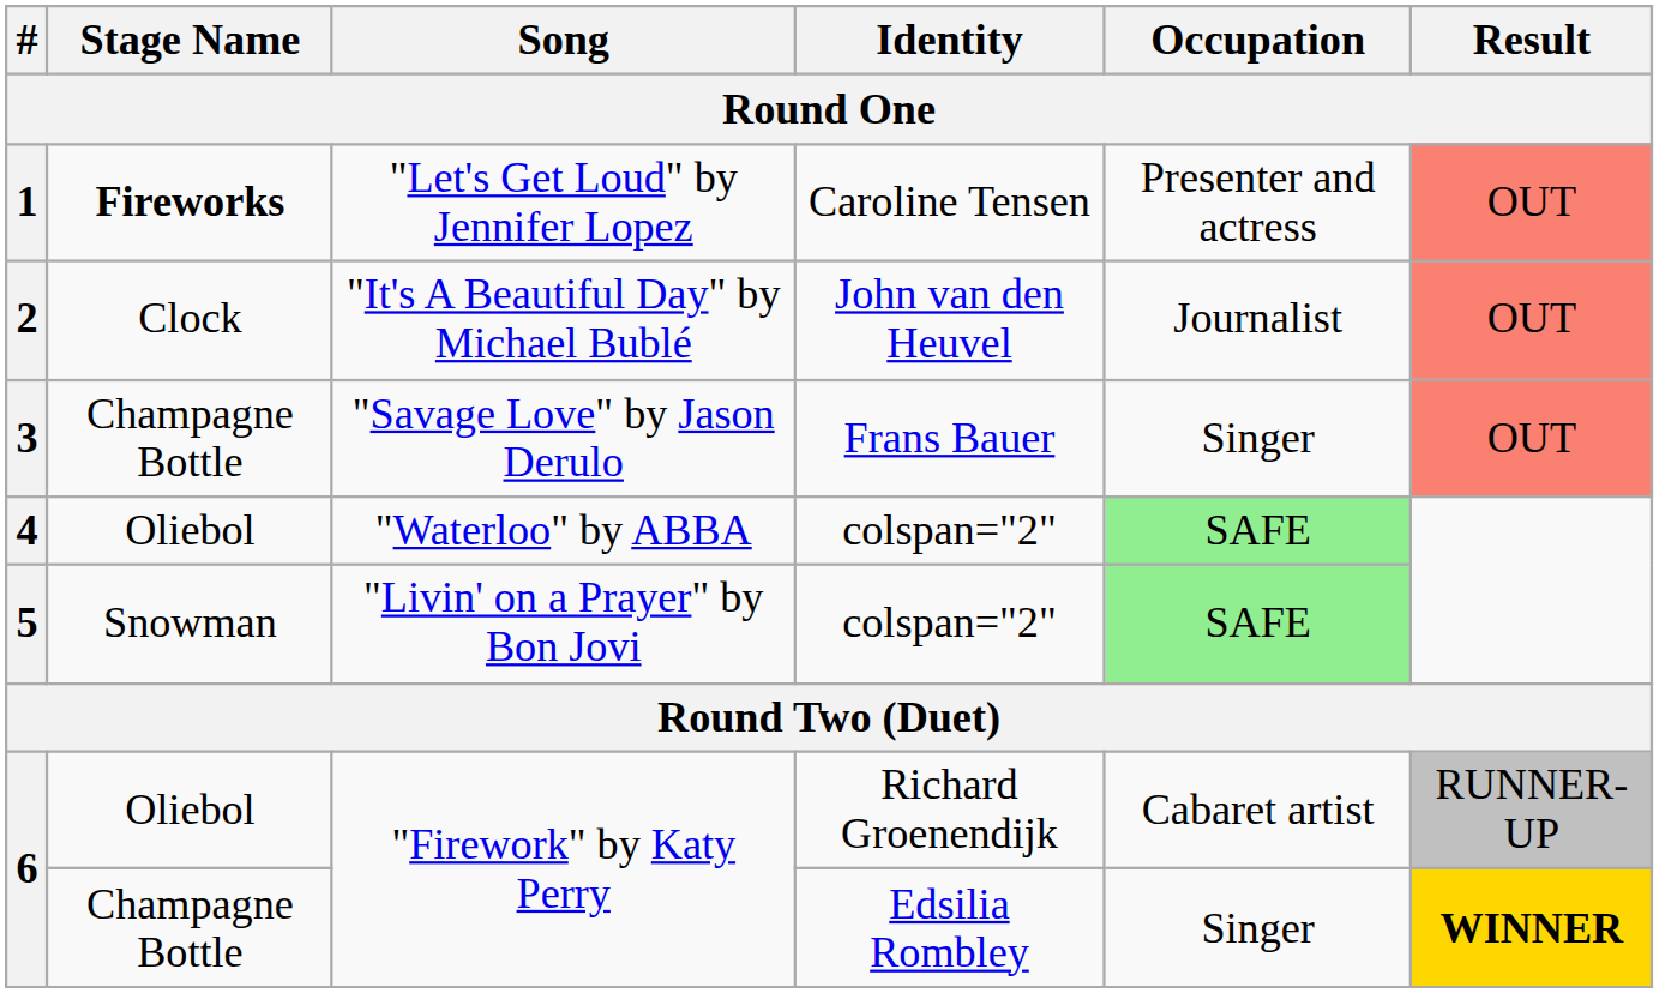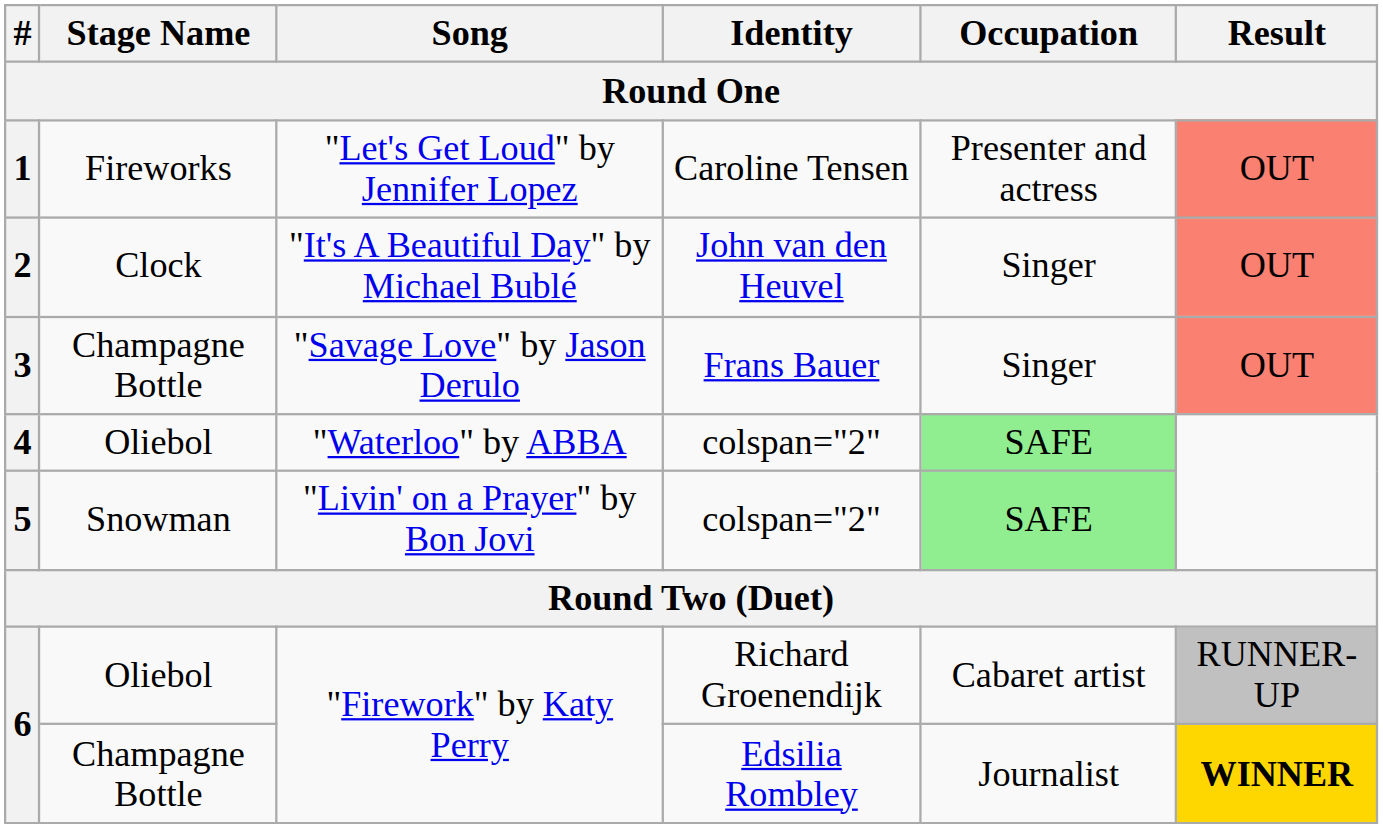 <table class="wikitable plainrowheaders" style="text-align: center;">
 <tr>
 <th><strong>#</strong></th>
 <th><strong>Stage Name</strong></th>
 <th><strong>Song</strong></th>
 <th>Identity</th>
 <th><strong>Occupation</strong></th>
 <th>Result</th>
 </tr>
 <tr>
 <th colspan="6">Round One</th>
 </tr>
 <tr>
 <th>1</th>
-<td><strong>Fireworks</strong></td>
+<td>Fireworks</td>
 <td>"<a href='#'>Let's Get Loud</a>" by <a href='#'>Jennifer Lopez</a></td>
 <td>Caroline Tensen</td>
 <td>Presenter and actress</td>
 <td bgcolor=salmon>OUT</td>
 </tr>
 <tr>
 <th>2</th>
 <td>Clock</td>
 <td>"<a href='#'>It's A Beautiful Day</a>" by <a href='#'>Michael Bublé</a></td>
 <td><a href='#'>John van den Heuvel</a></td>
-<td>Journalist</td>
+<td>Singer</td>
 <td bgcolor=salmon>OUT</td>
 </tr>
 <tr>
 <th>3</th>
 <td>Champagne Bottle</td>
 <td>"<a href='#'>Savage Love</a>" by <a href='#'>Jason Derulo</a></td>
 <td><a href='#'>Frans Bauer</a></td>
 <td>Singer</td>
 <td bgcolor=salmon>OUT</td>
 </tr>
 <tr>
 <th>4</th>
 <td>Oliebol</td>
 <td>"<a href='#'>Waterloo</a>" by <a href='#'>ABBA</a></td>
 <td>colspan="2" </td>
 <td bgcolor="lightgreen">SAFE</td>
 </tr>
 <tr>
 <th>5</th>
 <td>Snowman</td>
 <td>"<a href='#'>Livin' on a Prayer</a>" by <a href='#'>Bon Jovi</a></td>
 <td>colspan="2" </td>
 <td bgcolor="lightgreen">SAFE</td>
 </tr>
 <tr>
 <th colspan="6">Round Two (Duet)</th>
 </tr>
 <tr>
 <th rowspan="2">6</th>
 <td>Oliebol</td>
 <td rowspan="2">"<a href='#'>Firework</a>" by <a href='#'>Katy Perry</a></td>
 <td>Richard Groenendijk</td>
 <td>Cabaret artist</td>
 <td bgcolor="silver">RUNNER-UP</td>
 </tr>
 <tr>
 <td>Champagne Bottle</td>
 <td><a href='#'>Edsilia Rombley</a></td>
-<td>Singer</td>
+<td>Journalist</td>
 <td bgcolor="gold"><strong>WINNER</strong></td>
 </tr>
 <tr>
 </tr>
 </table>
